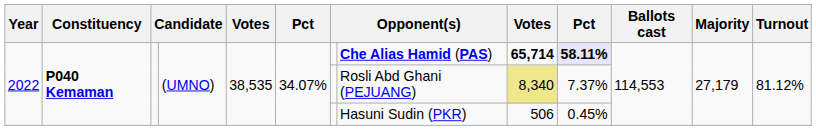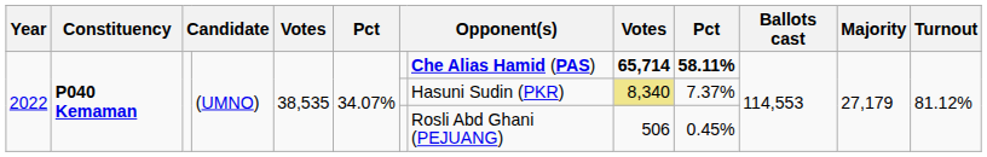 <table class="wikitable" style="margin:0.5em ; font-size:95%">
 <tr>
 <th>Year</th>
 <th>Constituency</th>
 <th colspan=2>Candidate</th>
 <th>Votes</th>
 <th>Pct</th>
 <th colspan=2>Opponent(s)</th>
 <th>Votes</th>
 <th>Pct</th>
 <th>Ballots cast</th>
 <th>Majority</th>
 <th>Turnout</th>
 </tr>
 <tr>
 <td rowspan="3"><a href='#'>2022</a></td>
 <td rowspan="3"><strong>P040 <a href='#'>Kemaman</a></strong></td>
 <td rowspan="3" ></td>
 <td rowspan="3"> (<a href='#'>UMNO</a>)</td>
 <td rowspan="3" align="right">38,535</td>
 <td rowspan="3">34.07%</td>
 <td></td>
 <td><strong><a href='#'>Che Alias Hamid</a></strong> (<a href='#'><strong>PAS</strong></a>)</td>
 <td align="right"><strong>65,714</strong></td>
-<td style="background: lavender;"><strong>58.11%</strong></td>
+<td><strong>58.11%</strong></td>
 <td rowspan="3">114,553</td>
 <td rowspan=3>27,179</td>
 <td rowspan="3">81.12%</td>
 </tr>
 <tr>
 <td></td>
-<td>Rosli Abd Ghani (<a href='#'>PEJUANG</a>)</td>
+<td>Hasuni Sudin (<a href='#'>PKR</a>)</td>
 <td align=right style="background: khaki;">8,340</td>
 <td align="right">7.37%</td>
 </tr>
 <tr>
 <td bgcolor=></td>
-<td>Hasuni Sudin (<a href='#'>PKR</a>)</td>
+<td>Rosli Abd Ghani (<a href='#'>PEJUANG</a>)</td>
 <td align=right>506</td>
 <td align="right">0.45%</td>
 </tr>
 </table>
